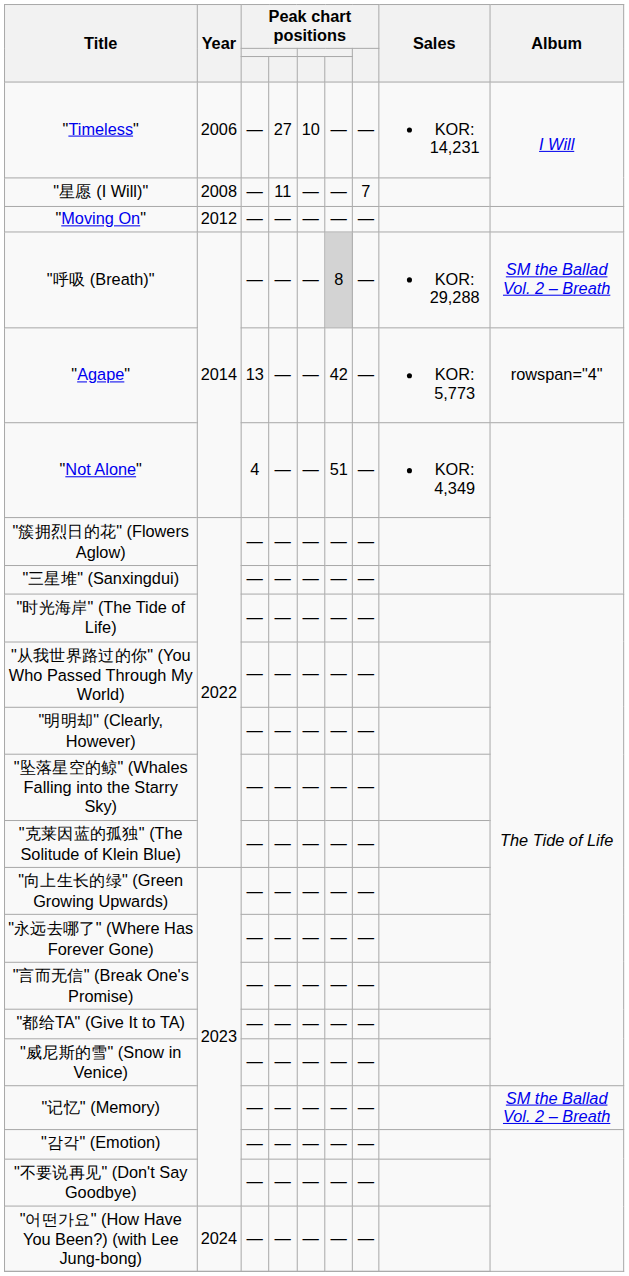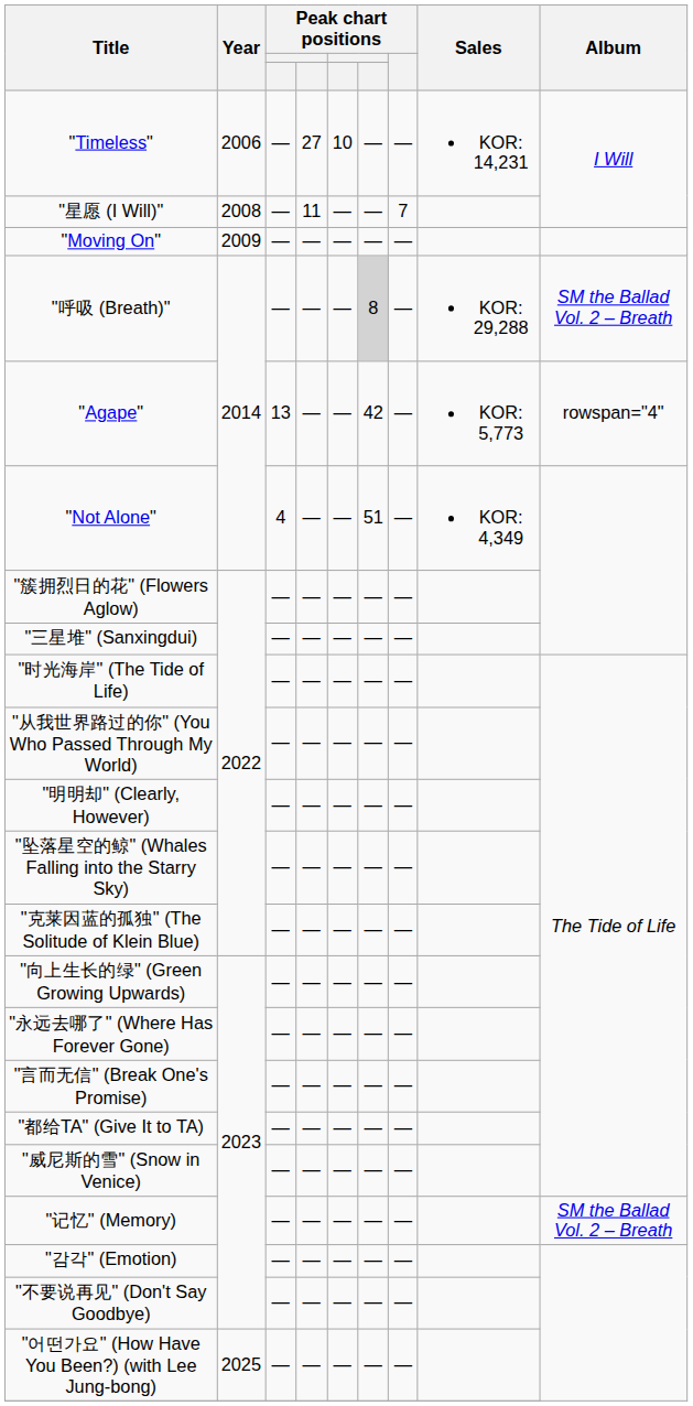 <table class="wikitable plainrowheaders" style="text-align:center;">
 <tr>
 <th scope="col" rowspan="3">Title</th>
 <th rowspan="3" scope="col">Year</th>
 <th colspan="5">Peak chart positions</th>
 <th rowspan="3" scope="col">Sales</th>
 <th rowspan="3" scope="col">Album</th>
 </tr>
 <tr>
 <th colspan="2"></th>
 <th colspan="2"></th>
 <th rowspan="2"><br></th>
 </tr>
 <tr>
 <th><br></th>
 <th><br></th>
 <th><br></th>
 <th><br></th>
 </tr>
 <tr>
 <td scope="row">"<a href='#'>Timeless</a>"</td>
 <td>2006</td>
 <td>—</td>
 <td>27</td>
 <td>10</td>
 <td>—</td>
 <td>—</td>
 <td><br><ul><li>KOR: 14,231</li></ul></td>
 <td rowspan="2"><em><a href='#'>I Will</a></em></td>
 </tr>
 <tr>
 <td scope="row">"星愿 (I Will)"</td>
 <td>2008</td>
 <td>—</td>
 <td>11</td>
 <td>—</td>
 <td>—</td>
 <td>7</td>
 <td></td>
 </tr>
 <tr>
 <td scope="row">"<a href='#'>Moving On</a>"</td>
-<td>2012</td>
+<td>2009</td>
 <td>—</td>
 <td>—</td>
 <td>—</td>
 <td>—</td>
 <td>—</td>
 <td></td>
 <td></td>
 </tr>
 <tr>
 <td scope="row">"呼吸 (Breath)"  </td>
 <td rowspan="3">2014</td>
 <td>—</td>
 <td>—</td>
 <td>—</td>
 <td style="background: lightgrey;">8</td>
 <td>—</td>
 <td><br><ul><li>KOR: 29,288</li></ul></td>
 <td><em><a href='#'>SM the Ballad Vol. 2 – Breath</a></em></td>
 </tr>
 <tr>
 <td scope="row">"<a href='#'>Agape</a>"</td>
 <td>13</td>
 <td>—</td>
 <td>—</td>
 <td>42</td>
 <td>—</td>
 <td><br><ul><li>KOR: 5,773</li></ul></td>
 <td>rowspan="4" </td>
 </tr>
 <tr>
 <td scope="row">"<a href='#'>Not Alone</a>"</td>
 <td>4</td>
 <td>—</td>
 <td>—</td>
 <td>51</td>
 <td>—</td>
 <td><br><ul><li>KOR: 4,349</li></ul></td>
 </tr>
 <tr>
 <td>"簇拥烈日的花" (Flowers Aglow)</td>
 <td rowspan="7">2022</td>
 <td>—</td>
 <td>—</td>
 <td>—</td>
 <td>—</td>
 <td>—</td>
 <td></td>
 </tr>
 <tr>
 <td>"三星堆" (Sanxingdui)</td>
 <td>—</td>
 <td>—</td>
 <td>—</td>
 <td>—</td>
 <td>—</td>
 <td></td>
 </tr>
 <tr>
 <td>"时光海岸" (The Tide of Life)</td>
 <td>—</td>
 <td>—</td>
 <td>—</td>
 <td>—</td>
 <td>—</td>
 <td></td>
 <td rowspan="10" style="font-style:italic;">The Tide of Life</td>
 </tr>
 <tr>
 <td>"从我世界路过的你" (You Who Passed Through My World)</td>
 <td>—</td>
 <td>—</td>
 <td>—</td>
 <td>—</td>
 <td>—</td>
 <td></td>
 </tr>
 <tr>
 <td>"明明却" (Clearly, However)</td>
 <td>—</td>
 <td>—</td>
 <td>—</td>
 <td>—</td>
 <td>—</td>
 <td></td>
 </tr>
 <tr>
 <td>"坠落星空的鲸" (Whales Falling into the Starry Sky)</td>
 <td>—</td>
 <td>—</td>
 <td>—</td>
 <td>—</td>
 <td>—</td>
 <td></td>
 </tr>
 <tr>
 <td>"克莱因蓝的孤独" (The Solitude of Klein Blue)</td>
 <td>—</td>
 <td>—</td>
 <td>—</td>
 <td>—</td>
 <td>—</td>
 <td></td>
 </tr>
 <tr>
 <td>"向上生长的绿" (Green Growing Upwards)</td>
 <td rowspan="8">2023</td>
 <td>—</td>
 <td>—</td>
 <td>—</td>
 <td>—</td>
 <td>—</td>
 <td></td>
 </tr>
 <tr>
 <td>"永远去哪了" (Where Has Forever Gone)</td>
 <td>—</td>
 <td>—</td>
 <td>—</td>
 <td>—</td>
 <td>—</td>
 <td></td>
 </tr>
 <tr>
 <td>"言而无信" (Break One's Promise)</td>
 <td>—</td>
 <td>—</td>
 <td>—</td>
 <td>—</td>
 <td>—</td>
 <td></td>
 </tr>
 <tr>
 <td>"都给TA" (Give It to TA)</td>
 <td>—</td>
 <td>—</td>
 <td>—</td>
 <td>—</td>
 <td>—</td>
 <td></td>
 </tr>
 <tr>
 <td>"威尼斯的雪" (Snow in Venice)</td>
 <td>—</td>
 <td>—</td>
 <td>—</td>
 <td>—</td>
 <td>—</td>
 <td></td>
 </tr>
 <tr>
 <td>"记忆" (Memory)</td>
 <td>—</td>
 <td>—</td>
 <td>—</td>
 <td>—</td>
 <td>—</td>
 <td></td>
 <td><em><a href='#'>SM the Ballad Vol. 2 – Breath</a></em></td>
 </tr>
 <tr>
 <td>"감각" (Emotion)</td>
 <td>—</td>
 <td>—</td>
 <td>—</td>
 <td>—</td>
 <td>—</td>
 <td></td>
 </tr>
 <tr>
 <td>"不要说再见" (Don't Say Goodbye)</td>
 <td>—</td>
 <td>—</td>
 <td>—</td>
 <td>—</td>
 <td>—</td>
 <td></td>
 </tr>
 <tr>
 <td>"어떤가요" (How Have You Been?) (with Lee Jung-bong)</td>
-<td>2024</td>
+<td>2025</td>
 <td>—</td>
 <td>—</td>
 <td>—</td>
 <td>—</td>
 <td>—</td>
 <td></td>
 </tr>
 <tr>
 </tr>
 </table>
